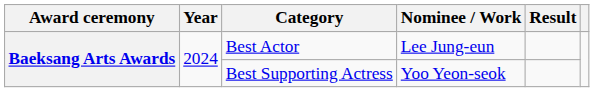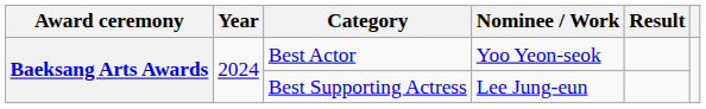 <table class="wikitable plainrowheaders sortable">
 <tr>
 <th scope="col">Award ceremony</th>
 <th scope="col">Year</th>
 <th scope="col">Category</th>
 <th scope="col">Nominee / Work</th>
 <th scope="col">Result</th>
 <th scope="col" class="unsortable"></th>
 </tr>
 <tr>
 <th scope="row" rowspan="2"><a href='#'>Baeksang Arts Awards</a></th>
 <td rowspan="2" style="text-align:center"><a href='#'>2024</a></td>
 <td><a href='#'>Best Actor</a></td>
-<td><a href='#'>Lee Jung-eun</a></td>
+<td><a href='#'>Yoo Yeon-seok</a></td>
 <td></td>
 <td rowspan="2" style="text-align:center"></td>
 </tr>
 <tr>
 <td><a href='#'>Best Supporting Actress</a></td>
-<td><a href='#'>Yoo Yeon-seok</a></td>
+<td><a href='#'>Lee Jung-eun</a></td>
 <td></td>
 </tr>
 </table>
